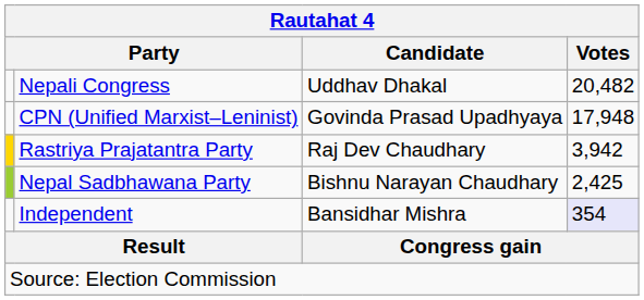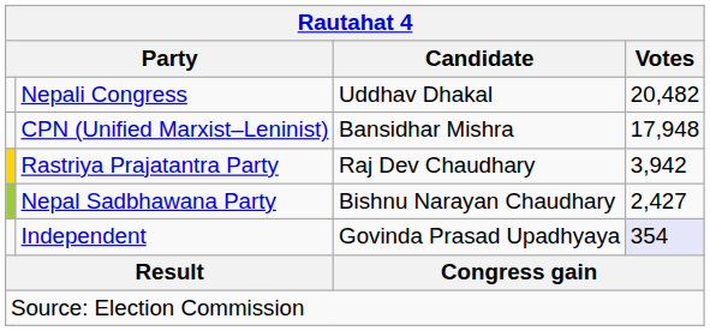 <table class="wikitable">
 <tr>
 <th colspan="4"><a href='#'>Rautahat 4</a></th>
 </tr>
 <tr>
 <th colspan="2">Party</th>
 <th>Candidate</th>
 <th>Votes</th>
 </tr>
 <tr>
 <td style="background-color:"></td>
 <td><a href='#'>Nepali Congress</a></td>
 <td>Uddhav Dhakal</td>
 <td>20,482</td>
 </tr>
 <tr>
 <td style="background-color:"></td>
 <td><a href='#'>CPN (Unified Marxist–Leninist)</a></td>
-<td>Govinda Prasad Upadhyaya</td>
+<td>Bansidhar Mishra</td>
 <td>17,948</td>
 </tr>
 <tr>
 <td style="background-color:gold"></td>
 <td><a href='#'>Rastriya Prajatantra Party</a></td>
 <td>Raj Dev Chaudhary</td>
 <td>3,942</td>
 </tr>
 <tr>
 <td style="background-color:yellowgreen"></td>
 <td><a href='#'>Nepal Sadbhawana Party</a></td>
 <td>Bishnu Narayan Chaudhary</td>
-<td>2,425</td>
+<td>2,427</td>
 </tr>
 <tr>
 <td style="background-color:"></td>
 <td><a href='#'>Independent</a></td>
-<td>Bansidhar Mishra</td>
+<td>Govinda Prasad Upadhyaya</td>
 <td style="background: lavender;">354</td>
 </tr>
 <tr>
 <th colspan="2">Result</th>
 <th colspan="2">Congress gain</th>
 </tr>
 <tr>
 <td colspan="4">Source: Election Commission</td>
 </tr>
 </table>
